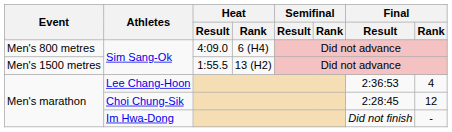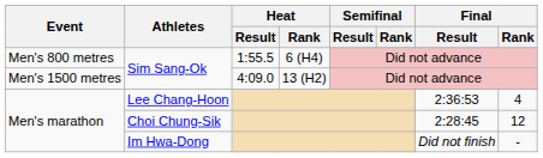 <table class=wikitable style="font-size:90%">
 <tr>
 <th rowspan="2">Event</th>
 <th rowspan="2">Athletes</th>
 <th colspan="2">Heat</th>
 <th colspan="2">Semifinal</th>
 <th colspan="2">Final</th>
 </tr>
 <tr>
 <th>Result</th>
 <th>Rank</th>
 <th>Result</th>
 <th>Rank</th>
 <th>Result</th>
 <th>Rank</th>
 </tr>
 <tr>
 <td>Men's 800 metres</td>
 <td rowspan=2><a href='#'>Sim Sang-Ok</a></td>
-<td align=center>4:09.0</td>
+<td align=center>1:55.5</td>
 <td align=center>6 (H4)</td>
 <td align=center bgcolor="f4c2c2" colspan=4>Did not advance</td>
 </tr>
 <tr>
 <td>Men's 1500 metres</td>
-<td align=center>1:55.5</td>
+<td align=center>4:09.0</td>
 <td align=center>13 (H2)</td>
 <td align=center bgcolor="f4c2c2" colspan=4>Did not advance</td>
 </tr>
 <tr>
 <td rowspan=3>Men's marathon</td>
 <td><a href='#'>Lee Chang-Hoon</a></td>
 <td colspan="4" bgcolor="wheat"></td>
 <td align=center>2:36:53</td>
 <td align=center>4</td>
 </tr>
 <tr>
 <td><a href='#'>Choi Chung-Sik</a></td>
 <td colspan="4" bgcolor="wheat"></td>
 <td align=center>2:28:45</td>
 <td align=center>12</td>
 </tr>
 <tr>
 <td><a href='#'>Im Hwa-Dong</a></td>
 <td colspan="4" bgcolor="wheat"></td>
 <td align=center><em>Did not finish</em></td>
 <td align=center>-</td>
 </tr>
 </table>
